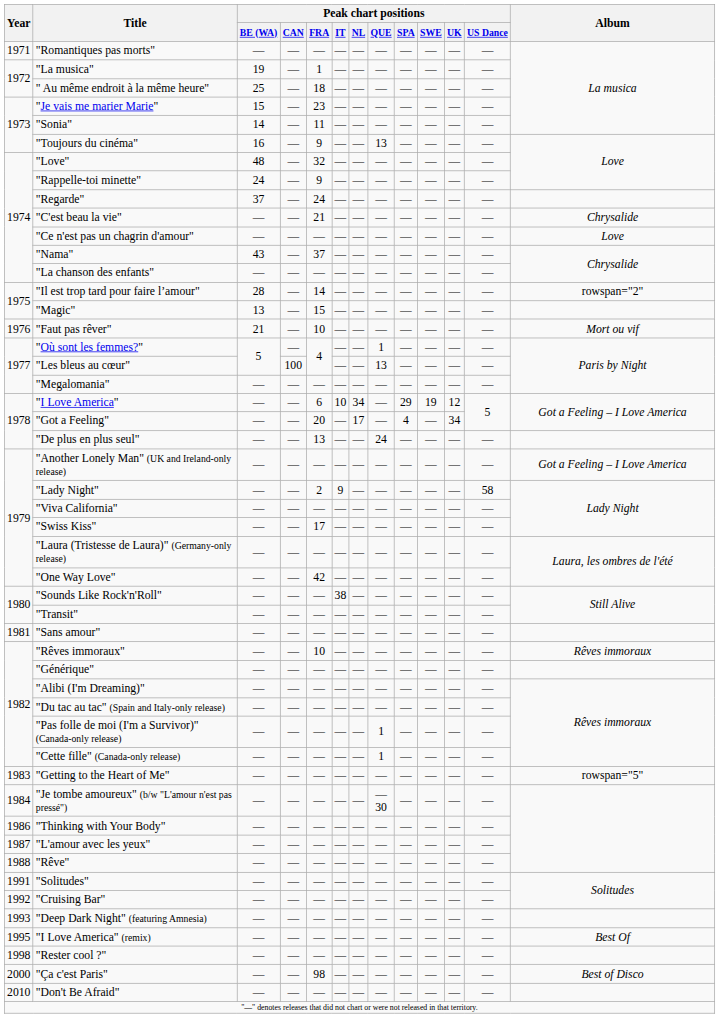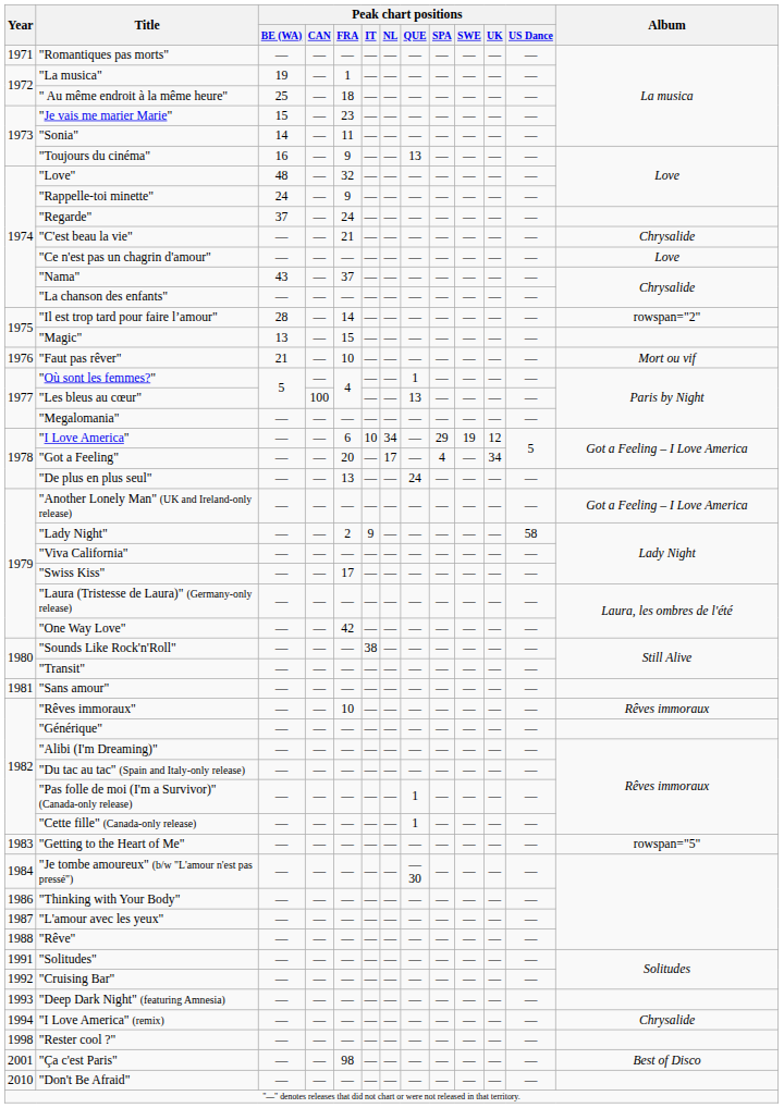 <table class="wikitable" style="text-align:center">
 <tr>
 <th rowspan="2">Year</th>
 <th rowspan="2" style="width:17em;">Title</th>
 <th colspan="10">Peak chart positions</th>
 <th rowspan="2" style="width:17em;">Album</th>
 </tr>
 <tr>
 <th><small><a href='#'>BE (WA)</a></small><br></th>
 <th><small><a href='#'>CAN</a></small><br></th>
 <th><small><a href='#'>FRA</a></small><br></th>
 <th><small><a href='#'>IT</a></small><br></th>
 <th><small><a href='#'>NL</a></small><br></th>
 <th><small><a href='#'>QUE</a></small><br></th>
 <th><small><a href='#'>SPA</a></small><br></th>
 <th><small><a href='#'>SWE</a></small><br></th>
 <th><small><a href='#'>UK</a></small><br></th>
 <th><small><a href='#'>US Dance</a></small><br></th>
 </tr>
 <tr>
 <td>1971</td>
 <td align="left">"Romantiques pas morts"</td>
 <td align="center">—</td>
 <td>—</td>
 <td>—</td>
 <td>—</td>
 <td>—</td>
 <td>—</td>
 <td>—</td>
 <td>—</td>
 <td>—</td>
 <td>—</td>
 <td rowspan="5"><em>La musica</em></td>
 </tr>
 <tr>
 <td rowspan="2">1972</td>
 <td align="left">"La musica"</td>
 <td align="center">19</td>
 <td>—</td>
 <td>1</td>
 <td>—</td>
 <td>—</td>
 <td>—</td>
 <td>—</td>
 <td>—</td>
 <td>—</td>
 <td>—</td>
 </tr>
 <tr>
 <td align="left">" Au même endroit à la même heure"</td>
 <td align="center">25</td>
 <td>—</td>
 <td>18</td>
 <td>—</td>
 <td>—</td>
 <td>—</td>
 <td>—</td>
 <td>—</td>
 <td>—</td>
 <td>—</td>
 </tr>
 <tr>
 <td rowspan="3">1973</td>
 <td align="left">"<a href='#'>Je vais me marier Marie</a>"</td>
 <td align="center">15</td>
 <td>—</td>
 <td>23</td>
 <td>—</td>
 <td>—</td>
 <td>—</td>
 <td>—</td>
 <td>—</td>
 <td>—</td>
 <td>—</td>
 </tr>
 <tr>
 <td align="left">"Sonia"</td>
 <td align="center">14</td>
 <td>—</td>
 <td>11</td>
 <td>—</td>
 <td>—</td>
 <td>—</td>
 <td>—</td>
 <td>—</td>
 <td>—</td>
 <td>—</td>
 </tr>
 <tr>
 <td align="left">"Toujours du cinéma"</td>
 <td align="center">16</td>
 <td>—</td>
 <td>9</td>
 <td>—</td>
 <td>—</td>
 <td>13</td>
 <td>—</td>
 <td>—</td>
 <td>—</td>
 <td>—</td>
 <td rowspan="3"><em>Love</em></td>
 </tr>
 <tr>
 <td rowspan="7">1974</td>
 <td align="left">"Love"</td>
 <td align="center">48</td>
 <td>—</td>
 <td>32</td>
 <td>—</td>
 <td>—</td>
 <td>—</td>
 <td>—</td>
 <td>—</td>
 <td>—</td>
 <td>—</td>
 </tr>
 <tr>
 <td align="left">"Rappelle-toi minette"</td>
 <td>24</td>
 <td>—</td>
 <td>9</td>
 <td>—</td>
 <td>—</td>
 <td>—</td>
 <td>—</td>
 <td>—</td>
 <td>—</td>
 <td>—</td>
 </tr>
 <tr>
 <td align="left">"Regarde"</td>
 <td align="center">37</td>
 <td>—</td>
 <td>24</td>
 <td>—</td>
 <td>—</td>
 <td>—</td>
 <td>—</td>
 <td>—</td>
 <td>—</td>
 <td>—</td>
 <td></td>
 </tr>
 <tr>
 <td align="left">"C'est beau la vie"</td>
 <td align="center">—</td>
 <td>—</td>
 <td>21</td>
 <td>—</td>
 <td>—</td>
 <td>—</td>
 <td>—</td>
 <td>—</td>
 <td>—</td>
 <td>—</td>
 <td><em>Chrysalide</em></td>
 </tr>
 <tr>
 <td align="left">"Ce n'est pas un chagrin d'amour"</td>
 <td align="center">—</td>
 <td>—</td>
 <td>—</td>
 <td>—</td>
 <td>—</td>
 <td>—</td>
 <td>—</td>
 <td>—</td>
 <td>—</td>
 <td>—</td>
 <td><em>Love</em></td>
 </tr>
 <tr>
 <td align="left">"Nama"</td>
 <td align="center">43</td>
 <td>—</td>
 <td>37</td>
 <td>—</td>
 <td>—</td>
 <td>—</td>
 <td>—</td>
 <td>—</td>
 <td>—</td>
 <td>—</td>
 <td rowspan="2"><em>Chrysalide</em></td>
 </tr>
 <tr>
 <td align="left">"La chanson des enfants"</td>
 <td align="center">—</td>
 <td>—</td>
 <td>—</td>
 <td>—</td>
 <td>—</td>
 <td>—</td>
 <td>—</td>
 <td>—</td>
 <td>—</td>
 <td>—</td>
 </tr>
 <tr>
 <td rowspan="2">1975</td>
 <td align="left">"Il est trop tard pour faire l’amour"</td>
 <td align="center">28</td>
 <td>—</td>
 <td>14</td>
 <td>—</td>
 <td>—</td>
 <td>—</td>
 <td>—</td>
 <td>—</td>
 <td>—</td>
 <td>—</td>
 <td>rowspan="2" </td>
 </tr>
 <tr>
 <td align="left">"Magic"</td>
 <td align="center">13</td>
 <td>—</td>
 <td>15</td>
 <td>—</td>
 <td>—</td>
 <td>—</td>
 <td>—</td>
 <td>—</td>
 <td>—</td>
 <td>—</td>
 </tr>
 <tr>
 <td>1976</td>
 <td align="left">"Faut pas rêver"</td>
 <td align="center">21</td>
 <td>—</td>
 <td>10</td>
 <td>—</td>
 <td>—</td>
 <td>—</td>
 <td>—</td>
 <td>—</td>
 <td>—</td>
 <td>—</td>
 <td><em>Mort ou vif</em></td>
 </tr>
 <tr>
 <td rowspan="3">1977</td>
 <td align="left">"<a href='#'>Où sont les femmes?</a>"</td>
 <td rowspan="2" align="center">5</td>
 <td>—</td>
 <td rowspan="2">4</td>
 <td>—</td>
 <td>—</td>
 <td>1</td>
 <td>—</td>
 <td>—</td>
 <td>—</td>
 <td>—</td>
 <td rowspan="3"><em>Paris by Night</em></td>
 </tr>
 <tr>
 <td align="left">"Les bleus au cœur"</td>
 <td>100</td>
 <td>—</td>
 <td>—</td>
 <td>13</td>
 <td>—</td>
 <td>—</td>
 <td>—</td>
 <td>—</td>
 </tr>
 <tr>
 <td align="left">"Megalomania"</td>
 <td align="center">—</td>
 <td>—</td>
 <td>—</td>
 <td>—</td>
 <td>—</td>
 <td>—</td>
 <td>—</td>
 <td>—</td>
 <td>—</td>
 <td>—</td>
 </tr>
 <tr>
 <td rowspan="3">1978</td>
 <td align="left">"<a href='#'>I Love America</a>"</td>
 <td>—</td>
 <td>—</td>
 <td>6</td>
 <td>10</td>
 <td>34</td>
 <td>—</td>
 <td>29</td>
 <td>19</td>
 <td>12</td>
 <td rowspan="2">5</td>
 <td rowspan="2"><em>Got a Feeling – I Love America</em></td>
 </tr>
 <tr>
 <td align="left">"Got a Feeling"</td>
 <td align="center">—</td>
 <td>—</td>
 <td>20</td>
 <td>—</td>
 <td>17</td>
 <td>—</td>
 <td>4</td>
 <td>—</td>
 <td>34</td>
 </tr>
 <tr>
 <td align="left">"De plus en plus seul"</td>
 <td>—</td>
 <td>—</td>
 <td>13</td>
 <td>—</td>
 <td>—</td>
 <td>24</td>
 <td>—</td>
 <td>—</td>
 <td>—</td>
 <td>—</td>
 <td></td>
 </tr>
 <tr>
 <td rowspan="6">1979</td>
 <td align="left">"Another Lonely Man" <small>(UK and Ireland-only release)</small></td>
 <td align="center">—</td>
 <td>—</td>
 <td>—</td>
 <td>—</td>
 <td>—</td>
 <td>—</td>
 <td>—</td>
 <td>—</td>
 <td>—</td>
 <td>—</td>
 <td><em>Got a Feeling – I Love America</em></td>
 </tr>
 <tr>
 <td align="left">"Lady Night"</td>
 <td align="center">—</td>
 <td>—</td>
 <td>2</td>
 <td>9</td>
 <td>—</td>
 <td>—</td>
 <td>—</td>
 <td>—</td>
 <td>—</td>
 <td>58</td>
 <td rowspan="3"><em>Lady Night</em></td>
 </tr>
 <tr>
 <td align="left">"Viva California"</td>
 <td align="center">—</td>
 <td>—</td>
 <td>—</td>
 <td>—</td>
 <td>—</td>
 <td>—</td>
 <td>—</td>
 <td>—</td>
 <td>—</td>
 <td>—</td>
 </tr>
 <tr>
 <td align="left">"Swiss Kiss"</td>
 <td align="center">—</td>
 <td>—</td>
 <td>17</td>
 <td>—</td>
 <td>—</td>
 <td>—</td>
 <td>—</td>
 <td>—</td>
 <td>—</td>
 <td>—</td>
 </tr>
 <tr>
 <td align="left">"Laura (Tristesse de Laura)" <small>(Germany-only release)</small></td>
 <td>—</td>
 <td>—</td>
 <td>—</td>
 <td>—</td>
 <td>—</td>
 <td>—</td>
 <td>—</td>
 <td>—</td>
 <td>—</td>
 <td>—</td>
 <td rowspan="2"><em>Laura, les ombres de l'été</em></td>
 </tr>
 <tr>
 <td align="left">"One Way Love"</td>
 <td align="center">—</td>
 <td>—</td>
 <td>42</td>
 <td>—</td>
 <td>—</td>
 <td>—</td>
 <td>—</td>
 <td>—</td>
 <td>—</td>
 <td>—</td>
 </tr>
 <tr>
 <td rowspan="2">1980</td>
 <td align="left">"Sounds Like Rock'n'Roll"</td>
 <td>—</td>
 <td>—</td>
 <td>—</td>
 <td>38</td>
 <td>—</td>
 <td>—</td>
 <td>—</td>
 <td>—</td>
 <td>—</td>
 <td>—</td>
 <td rowspan="2"><em>Still Alive</em></td>
 </tr>
 <tr>
 <td align="left">"Transit"</td>
 <td>—</td>
 <td>—</td>
 <td>—</td>
 <td>—</td>
 <td>—</td>
 <td>—</td>
 <td>—</td>
 <td>—</td>
 <td>—</td>
 <td>—</td>
 </tr>
 <tr>
 <td>1981</td>
 <td align="left">"Sans amour"</td>
 <td>—</td>
 <td>—</td>
 <td>—</td>
 <td>—</td>
 <td>—</td>
 <td>—</td>
 <td>—</td>
 <td>—</td>
 <td>—</td>
 <td>—</td>
 <td></td>
 </tr>
 <tr>
 <td rowspan="6">1982</td>
 <td align="left">"Rêves immoraux"</td>
 <td>—</td>
 <td>—</td>
 <td>10</td>
 <td>—</td>
 <td>—</td>
 <td>—</td>
 <td>—</td>
 <td>—</td>
 <td>—</td>
 <td>—</td>
 <td><em>Rêves immoraux</em></td>
 </tr>
 <tr>
 <td align="left">"Générique"</td>
 <td>—</td>
 <td>—</td>
 <td>—</td>
 <td>—</td>
 <td>—</td>
 <td>—</td>
 <td>—</td>
 <td>—</td>
 <td>—</td>
 <td>—</td>
 <td></td>
 </tr>
 <tr>
 <td align="left">"Alibi (I'm Dreaming)"</td>
 <td>—</td>
 <td>—</td>
 <td>—</td>
 <td>—</td>
 <td>—</td>
 <td>—</td>
 <td>—</td>
 <td>—</td>
 <td>—</td>
 <td>—</td>
 <td rowspan="4"><em>Rêves immoraux</em></td>
 </tr>
 <tr>
 <td align="left">"Du tac au tac" <small>(Spain and Italy-only release)</small></td>
 <td>—</td>
 <td>—</td>
 <td>—</td>
 <td>—</td>
 <td>—</td>
 <td>—</td>
 <td>—</td>
 <td>—</td>
 <td>—</td>
 <td>—</td>
 </tr>
 <tr>
 <td align="left">"Pas folle de moi (I'm a Survivor)" <small>(Canada-only release)</small></td>
 <td>—</td>
 <td>—</td>
 <td>—</td>
 <td>—</td>
 <td>—</td>
 <td>1</td>
 <td>—</td>
 <td>—</td>
 <td>—</td>
 <td>—</td>
 </tr>
 <tr>
 <td align="left">"Cette fille" <small>(Canada-only release)</small></td>
 <td>—</td>
 <td>—</td>
 <td>—</td>
 <td>—</td>
 <td>—</td>
 <td>1</td>
 <td>—</td>
 <td>—</td>
 <td>—</td>
 <td>—</td>
 </tr>
 <tr>
 <td>1983</td>
 <td align="left">"Getting to the Heart of Me"</td>
 <td>—</td>
 <td>—</td>
 <td>—</td>
 <td>—</td>
 <td>—</td>
 <td>—</td>
 <td>—</td>
 <td>—</td>
 <td>—</td>
 <td>—</td>
 <td>rowspan="5" </td>
 </tr>
 <tr>
 <td>1984</td>
 <td align="left">"Je tombe amoureux" <small>(b/w "L'amour n'est pas pressé")</small></td>
 <td>—</td>
 <td>—</td>
 <td>—</td>
 <td>—</td>
 <td>—</td>
 <td>—<br>30</td>
 <td>—</td>
 <td>—</td>
 <td>—</td>
 <td>—</td>
 </tr>
 <tr>
 <td>1986</td>
 <td align="left">"Thinking with Your Body"</td>
 <td>—</td>
 <td>—</td>
 <td>—</td>
 <td>—</td>
 <td>—</td>
 <td>—</td>
 <td>—</td>
 <td>—</td>
 <td>—</td>
 <td>—</td>
 </tr>
 <tr>
 <td>1987</td>
 <td align="left">"L'amour avec les yeux"</td>
 <td>—</td>
 <td>—</td>
 <td>—</td>
 <td>—</td>
 <td>—</td>
 <td>—</td>
 <td>—</td>
 <td>—</td>
 <td>—</td>
 <td>—</td>
 </tr>
 <tr>
 <td>1988</td>
 <td align="left">"Rêve"</td>
 <td>—</td>
 <td>—</td>
 <td>—</td>
 <td>—</td>
 <td>—</td>
 <td>—</td>
 <td>—</td>
 <td>—</td>
 <td>—</td>
 <td>—</td>
 </tr>
 <tr>
 <td>1991</td>
 <td align="left">"Solitudes"</td>
 <td>—</td>
 <td>—</td>
 <td>—</td>
 <td>—</td>
 <td>—</td>
 <td>—</td>
 <td>—</td>
 <td>—</td>
 <td>—</td>
 <td>—</td>
 <td rowspan="2"><em>Solitudes</em></td>
 </tr>
 <tr>
 <td>1992</td>
 <td align="left">"Cruising Bar"</td>
 <td>—</td>
 <td>—</td>
 <td>—</td>
 <td>—</td>
 <td>—</td>
 <td>—</td>
 <td>—</td>
 <td>—</td>
 <td>—</td>
 <td>—</td>
 </tr>
 <tr>
 <td>1993</td>
 <td align="left">"Deep Dark Night" <small>(featuring Amnesia)</small></td>
 <td>—</td>
 <td>—</td>
 <td>—</td>
 <td>—</td>
 <td>—</td>
 <td>—</td>
 <td>—</td>
 <td>—</td>
 <td>—</td>
 <td>—</td>
 <td></td>
 </tr>
 <tr>
-<td>1995</td>
+<td>1994</td>
 <td align="left">"I Love America" <small>(remix)</small></td>
 <td>—</td>
 <td>—</td>
 <td>—</td>
 <td>—</td>
 <td>—</td>
 <td>—</td>
 <td>—</td>
 <td>—</td>
 <td>—</td>
 <td>—</td>
-<td><em>Best Of</em></td>
+<td><em>Chrysalide</em></td>
 </tr>
 <tr>
 <td>1998</td>
 <td align="left">"Rester cool ?"</td>
 <td>—</td>
 <td>—</td>
 <td>—</td>
 <td>—</td>
 <td>—</td>
 <td>—</td>
 <td>—</td>
 <td>—</td>
 <td>—</td>
 <td>—</td>
 <td></td>
 </tr>
 <tr>
-<td>2000</td>
+<td>2001</td>
 <td align="left">"Ça c'est Paris"</td>
 <td>—</td>
 <td>—</td>
 <td>98</td>
 <td>—</td>
 <td>—</td>
 <td>—</td>
 <td>—</td>
 <td>—</td>
 <td>—</td>
 <td>—</td>
 <td><em>Best of Disco</em></td>
 </tr>
 <tr>
 <td>2010</td>
 <td align="left">"Don't Be Afraid"</td>
 <td>—</td>
 <td>—</td>
 <td>—</td>
 <td>—</td>
 <td>—</td>
 <td>—</td>
 <td>—</td>
 <td>—</td>
 <td>—</td>
 <td>—</td>
 <td></td>
 </tr>
 <tr>
 <td colspan="13" style="font-size:8pt">"—" denotes releases that did not chart or were not released in that territory.</td>
 </tr>
 </table>
